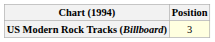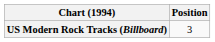 <table class="wikitable plainrowheaders" style="text-align:center">
 <tr>
 <th>Chart (1994)</th>
 <th>Position</th>
 </tr>
 <tr>
 <th scope="row">US Modern Rock Tracks (<em>Billboard</em>)</th>
-<td style="background: lightyellow;">3</td>
+<td>3</td>
 </tr>
 </table>
